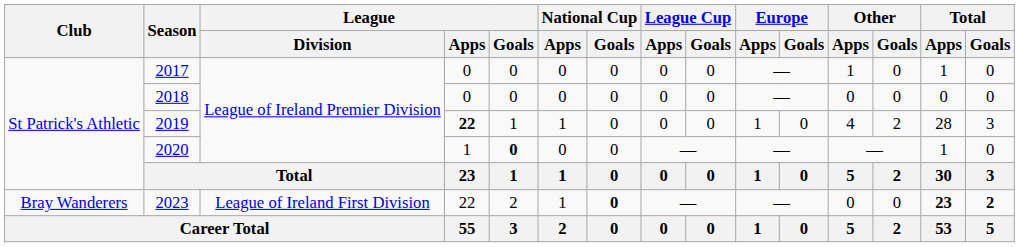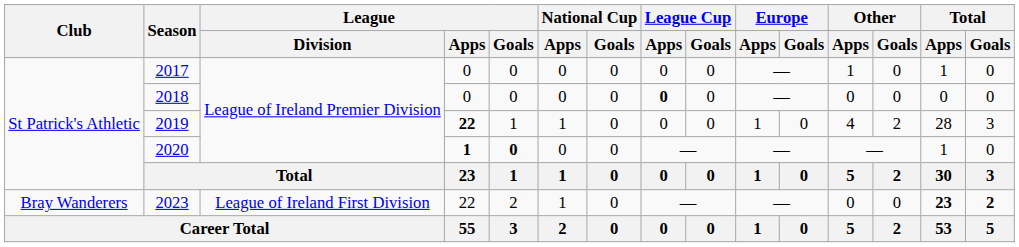 <table class="wikitable" style="text-align:center">
 <tr>
 <th rowspan="2">Club</th>
 <th rowspan="2">Season</th>
 <th colspan="3">League</th>
 <th colspan="2">National Cup</th>
 <th colspan="2"><a href='#'>League Cup</a></th>
 <th colspan="2"><a href='#'>Europe</a></th>
 <th colspan="2">Other</th>
 <th colspan="2">Total</th>
 </tr>
 <tr>
 <th>Division</th>
 <th>Apps</th>
 <th>Goals</th>
 <th>Apps</th>
 <th>Goals</th>
 <th>Apps</th>
 <th>Goals</th>
 <th>Apps</th>
 <th>Goals</th>
 <th>Apps</th>
 <th>Goals</th>
 <th>Apps</th>
 <th>Goals</th>
 </tr>
 <tr>
 <td rowspan="5"><a href='#'>St Patrick's Athletic</a></td>
 <td><a href='#'>2017</a></td>
 <td rowspan="4"><a href='#'>League of Ireland Premier Division</a></td>
 <td>0</td>
 <td>0</td>
 <td>0</td>
 <td>0</td>
 <td>0</td>
 <td>0</td>
 <td colspan=2>—</td>
 <td>1</td>
 <td>0</td>
 <td>1</td>
 <td>0</td>
 </tr>
 <tr>
 <td><a href='#'>2018</a></td>
 <td>0</td>
 <td>0</td>
 <td>0</td>
 <td>0</td>
-<td>0</td>
+<td><strong>0</strong></td>
 <td>0</td>
 <td colspan=2>—</td>
 <td>0</td>
 <td>0</td>
 <td>0</td>
 <td>0</td>
 </tr>
 <tr>
 <td><a href='#'>2019</a></td>
 <td><strong>22</strong></td>
 <td>1</td>
 <td>1</td>
 <td>0</td>
 <td>0</td>
 <td>0</td>
 <td>1</td>
 <td>0</td>
 <td>4</td>
 <td>2</td>
 <td>28</td>
 <td>3</td>
 </tr>
 <tr>
 <td><a href='#'>2020</a></td>
-<td>1</td>
+<td><strong>1</strong></td>
 <td><strong>0</strong></td>
 <td>0</td>
 <td>0</td>
 <td colspan="2">—</td>
 <td colspan="2">—</td>
 <td colspan="2">—</td>
 <td>1</td>
 <td>0</td>
 </tr>
 <tr>
 <th colspan="2">Total</th>
 <th>23</th>
 <th>1</th>
 <th>1</th>
 <th>0</th>
 <th>0</th>
 <th>0</th>
 <th>1</th>
 <th>0</th>
 <th>5</th>
 <th>2</th>
 <th>30</th>
 <th>3</th>
 </tr>
 <tr>
 <td><a href='#'>Bray Wanderers</a></td>
 <td><a href='#'>2023</a></td>
 <td><a href='#'>League of Ireland First Division</a></td>
 <td>22</td>
 <td>2</td>
 <td>1</td>
-<td><strong>0</strong></td>
+<td>0</td>
 <td colspan="2">—</td>
 <td colspan="2">—</td>
 <td>0</td>
 <td>0</td>
 <td><strong>23</strong></td>
 <td><strong>2</strong></td>
 </tr>
 <tr>
 <th colspan="3">Career Total</th>
 <th>55</th>
 <th>3</th>
 <th>2</th>
 <th>0</th>
 <th>0</th>
 <th>0</th>
 <th>1</th>
 <th>0</th>
 <th>5</th>
 <th>2</th>
 <th>53</th>
 <th>5</th>
 </tr>
 </table>
